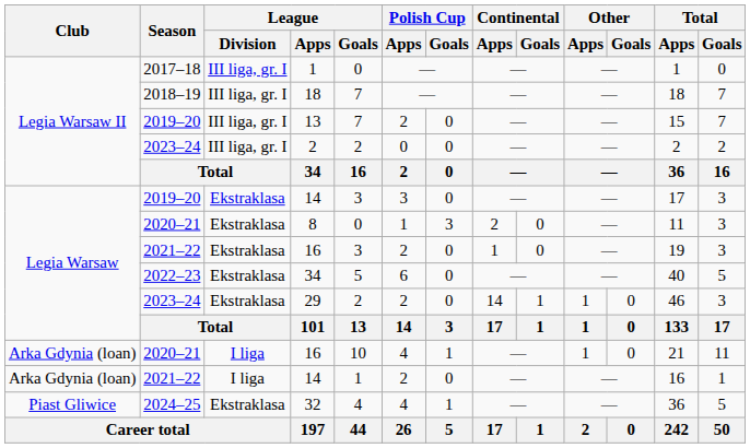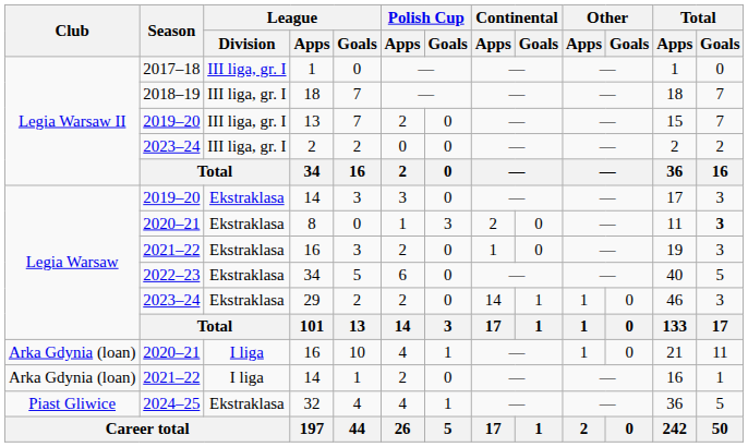 <table class="wikitable" style="text-align: center;">
 <tr>
 <th rowspan="2">Club</th>
 <th rowspan="2">Season</th>
 <th colspan="3">League</th>
 <th colspan="2"><a href='#'>Polish Cup</a></th>
 <th colspan="2">Continental</th>
 <th colspan="2">Other</th>
 <th colspan="2">Total</th>
 </tr>
 <tr>
 <th>Division</th>
 <th>Apps</th>
 <th>Goals</th>
 <th>Apps</th>
 <th>Goals</th>
 <th>Apps</th>
 <th>Goals</th>
 <th>Apps</th>
 <th>Goals</th>
 <th>Apps</th>
 <th>Goals</th>
 </tr>
 <tr>
 <td rowspan="5"><a href='#'>Legia Warsaw II</a></td>
 <td>2017–18</td>
 <td><a href='#'>III liga, gr. I</a></td>
 <td>1</td>
 <td>0</td>
 <td colspan="2">—</td>
 <td colspan="2">—</td>
 <td colspan="2">—</td>
 <td>1</td>
 <td>0</td>
 </tr>
 <tr>
 <td>2018–19</td>
 <td>III liga, gr. I</td>
 <td>18</td>
 <td>7</td>
 <td colspan="2">—</td>
 <td colspan="2">—</td>
 <td colspan="2">—</td>
 <td>18</td>
 <td>7</td>
 </tr>
 <tr>
 <td><a href='#'>2019–20</a></td>
 <td>III liga, gr. I</td>
 <td>13</td>
 <td>7</td>
 <td>2</td>
 <td>0</td>
 <td colspan="2">—</td>
 <td colspan="2">—</td>
 <td>15</td>
 <td>7</td>
 </tr>
 <tr>
 <td><a href='#'>2023–24</a></td>
 <td>III liga, gr. I</td>
 <td>2</td>
 <td>2</td>
 <td>0</td>
 <td>0</td>
 <td colspan="2">—</td>
 <td colspan="2">—</td>
 <td>2</td>
 <td>2</td>
 </tr>
 <tr>
 <th colspan="2">Total</th>
 <th>34</th>
 <th>16</th>
 <th>2</th>
 <th>0</th>
 <th colspan="2">—</th>
 <th colspan="2">—</th>
 <th>36</th>
 <th>16</th>
 </tr>
 <tr>
 <td rowspan="6"><a href='#'>Legia Warsaw</a></td>
 <td><a href='#'>2019–20</a></td>
 <td><a href='#'>Ekstraklasa</a></td>
 <td>14</td>
 <td>3</td>
 <td>3</td>
 <td>0</td>
 <td colspan="2">—</td>
 <td colspan="2">—</td>
 <td>17</td>
 <td>3</td>
 </tr>
 <tr>
 <td><a href='#'>2020–21</a></td>
 <td>Ekstraklasa</td>
 <td>8</td>
 <td>0</td>
 <td>1</td>
 <td>3</td>
 <td>2</td>
 <td>0</td>
 <td colspan="2">—</td>
 <td>11</td>
-<td>3</td>
+<td><strong>3</strong></td>
 </tr>
 <tr>
 <td><a href='#'>2021–22</a></td>
 <td>Ekstraklasa</td>
 <td>16</td>
 <td>3</td>
 <td>2</td>
 <td>0</td>
 <td>1</td>
 <td>0</td>
 <td colspan="2">—</td>
 <td>19</td>
 <td>3</td>
 </tr>
 <tr>
 <td><a href='#'>2022–23</a></td>
 <td>Ekstraklasa</td>
 <td>34</td>
 <td>5</td>
 <td>6</td>
 <td>0</td>
 <td colspan="2">—</td>
 <td colspan="2">—</td>
 <td>40</td>
 <td>5</td>
 </tr>
 <tr>
 <td><a href='#'>2023–24</a></td>
 <td>Ekstraklasa</td>
 <td>29</td>
 <td>2</td>
 <td>2</td>
 <td>0</td>
 <td>14</td>
 <td>1</td>
 <td>1</td>
 <td>0</td>
 <td>46</td>
 <td>3</td>
 </tr>
 <tr>
 <th colspan="2">Total</th>
 <th>101</th>
 <th>13</th>
 <th>14</th>
 <th>3</th>
 <th>17</th>
 <th>1</th>
 <th>1</th>
 <th>0</th>
 <th>133</th>
 <th>17</th>
 </tr>
 <tr>
 <td><a href='#'>Arka Gdynia</a> (loan)</td>
 <td><a href='#'>2020–21</a></td>
 <td><a href='#'>I liga</a></td>
 <td>16</td>
 <td>10</td>
 <td>4</td>
 <td>1</td>
 <td colspan="2">—</td>
 <td>1</td>
 <td>0</td>
 <td>21</td>
 <td>11</td>
 </tr>
 <tr>
 <td>Arka Gdynia (loan)</td>
 <td><a href='#'>2021–22</a></td>
 <td>I liga</td>
 <td>14</td>
 <td>1</td>
 <td>2</td>
 <td>0</td>
 <td colspan="2">—</td>
 <td colspan="2">—</td>
 <td>16</td>
 <td>1</td>
 </tr>
 <tr>
 <td><a href='#'>Piast Gliwice</a></td>
 <td><a href='#'>2024–25</a></td>
 <td>Ekstraklasa</td>
 <td>32</td>
 <td>4</td>
 <td>4</td>
 <td>1</td>
 <td colspan="2">—</td>
 <td colspan="2">—</td>
 <td>36</td>
 <td>5</td>
 </tr>
 <tr>
 <th colspan="3">Career total</th>
 <th>197</th>
 <th>44</th>
 <th>26</th>
 <th>5</th>
 <th>17</th>
 <th>1</th>
 <th>2</th>
 <th>0</th>
 <th>242</th>
 <th>50</th>
 </tr>
 </table>
